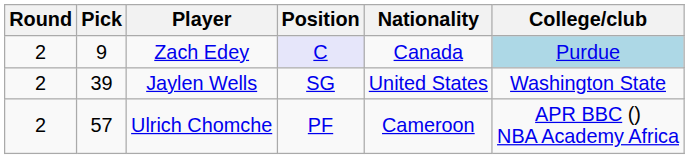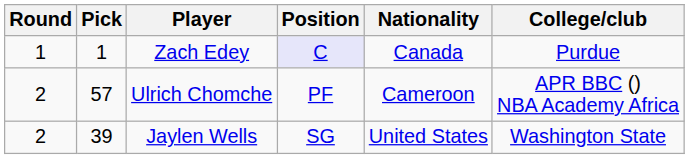 <table class="wikitable sortable sortable" style="text-align: center">
 <tr>
 <th>Round</th>
 <th>Pick</th>
 <th>Player</th>
 <th>Position</th>
 <th>Nationality</th>
 <th>College/club</th>
 </tr>
 <tr style="text-align: center">
-<td>2</td>
-<td>9</td>
+<td>1</td>
+<td>1</td>
 <td><a href='#'>Zach Edey</a></td>
 <td style="background: lavender;"><a href='#'>C</a></td>
 <td> <a href='#'>Canada</a></td>
-<td style="background: lightblue;"><a href='#'>Purdue</a></td>
+<td><a href='#'>Purdue</a></td>
+</tr>
+<tr style="text-align: center">
+<td>2</td>
+<td>57</td>
+<td><a href='#'>Ulrich Chomche</a></td>
+<td><a href='#'>PF</a></td>
+<td> <a href='#'>Cameroon</a></td>
+<td><a href='#'>APR BBC</a> ()<br><a href='#'>NBA Academy Africa</a></td>
 </tr>
 <tr style="text-align: center">
 <td>2</td>
 <td>39</td>
 <td><a href='#'>Jaylen Wells</a></td>
 <td><a href='#'>SG</a></td>
 <td> <a href='#'>United States</a></td>
 <td><a href='#'>Washington State</a></td>
 </tr>
-<tr style="text-align: center">
-<td>2</td>
-<td>57</td>
-<td><a href='#'>Ulrich Chomche</a></td>
-<td><a href='#'>PF</a></td>
-<td> <a href='#'>Cameroon</a></td>
-<td><a href='#'>APR BBC</a> ()<br><a href='#'>NBA Academy Africa</a></td>
-</tr>
 </table>
